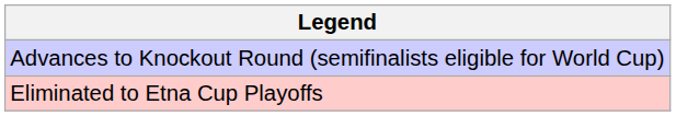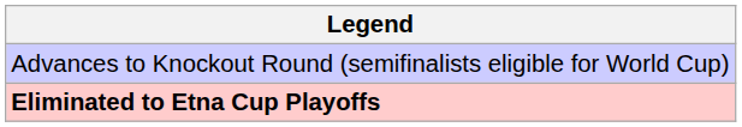 <table class="wikitable">
 <tr>
 <th>Legend</th>
 </tr>
 <tr bgcolor=ccccff>
 <td>Advances to Knockout Round (semifinalists eligible for World Cup)</td>
 </tr>
 <tr bgcolor=ffcccc>
-<td>Eliminated to Etna Cup Playoffs</td>
+<td><strong>Eliminated to Etna Cup Playoffs</strong></td>
 </tr>
 </table>
